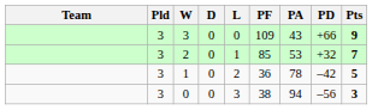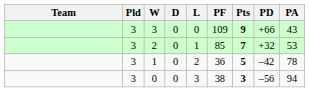 <table class="wikitable" style="text-align:center;">
 <tr>
 <th width=175>Team</th>
 <th width=25 abbr="Played">Pld</th>
 <th width=25 abbr="Won">W</th>
 <th width=25 abbr="Drawn">D</th>
 <th width=25 abbr="Lost">L</th>
 <th width=32 abbr="Points for">PF</th>
+<th width=25 abbr="Points">Pts</th>
+<th width=32 abbr="Points difference">PD</th>
 <th width=32 abbr="Points against">PA</th>
-<th width=32 abbr="Points difference">PD</th>
-<th width=25 abbr="Points">Pts</th>
 </tr>
 <tr bgcolor=ccffcc>
 <td align=left></td>
 <td>3</td>
 <td>3</td>
 <td>0</td>
 <td>0</td>
 <td>109</td>
+<td><strong>9</strong></td>
+<td>+66</td>
 <td>43</td>
-<td>+66</td>
-<td><strong>9</strong></td>
 </tr>
 <tr bgcolor=ccffcc>
 <td align=left></td>
 <td>3</td>
 <td>2</td>
 <td>0</td>
 <td>1</td>
 <td>85</td>
+<td><strong>7</strong></td>
+<td>+32</td>
 <td>53</td>
-<td>+32</td>
-<td><strong>7</strong></td>
 </tr>
 <tr>
 <td align=left></td>
 <td>3</td>
 <td>1</td>
 <td>0</td>
 <td>2</td>
 <td>36</td>
+<td><strong>5</strong></td>
+<td>–42</td>
 <td>78</td>
-<td>–42</td>
-<td><strong>5</strong></td>
 </tr>
 <tr>
 <td align=left></td>
 <td>3</td>
 <td>0</td>
 <td>0</td>
 <td>3</td>
 <td>38</td>
+<td><strong>3</strong></td>
+<td>–56</td>
 <td>94</td>
-<td>–56</td>
-<td><strong>3</strong></td>
 </tr>
 </table>
